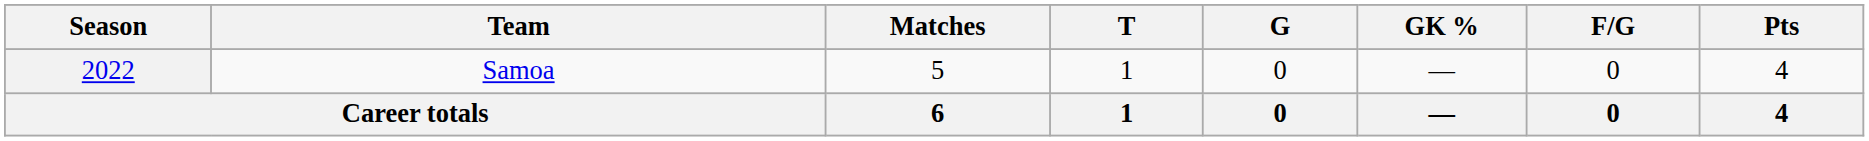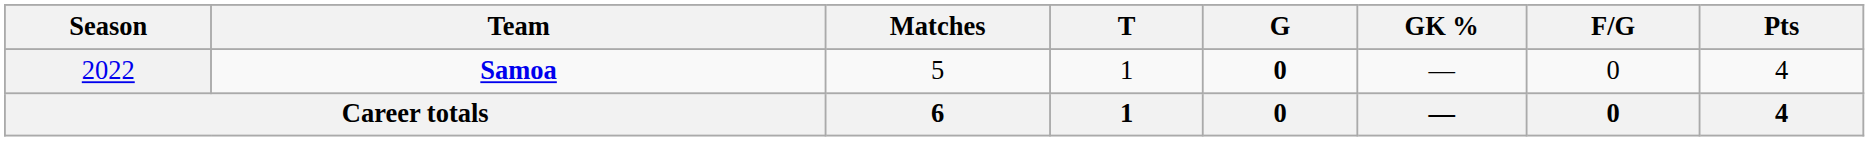 <table class="wikitable sortable"  style="font-size:90%; text-align:center; width:80%;">
 <tr>
 <th width=2%>Season</th>
 <th width=8%>Team</th>
 <th width=2%>Matches</th>
 <th width=2%>T</th>
 <th width=2%>G</th>
 <th width=2%>GK %</th>
 <th width=2%>F/G</th>
 <th width=2%>Pts</th>
 </tr>
 <tr>
 <th scope="row" style="text-align:center; font-weight:normal"><a href='#'>2022</a></th>
-<td style="text-align:center;"> <a href='#'>Samoa</a></td>
+<td style="text-align:center;"><strong> <a href='#'>Samoa</a></strong></td>
 <td>5</td>
 <td>1</td>
-<td>0</td>
+<td><strong>0</strong></td>
 <td>—</td>
 <td>0</td>
 <td>4</td>
 </tr>
 <tr class="sortbottom">
 <th colspan=2>Career totals</th>
 <th>6</th>
 <th>1</th>
 <th>0</th>
 <th>—</th>
 <th>0</th>
 <th>4</th>
 </tr>
 </table>
